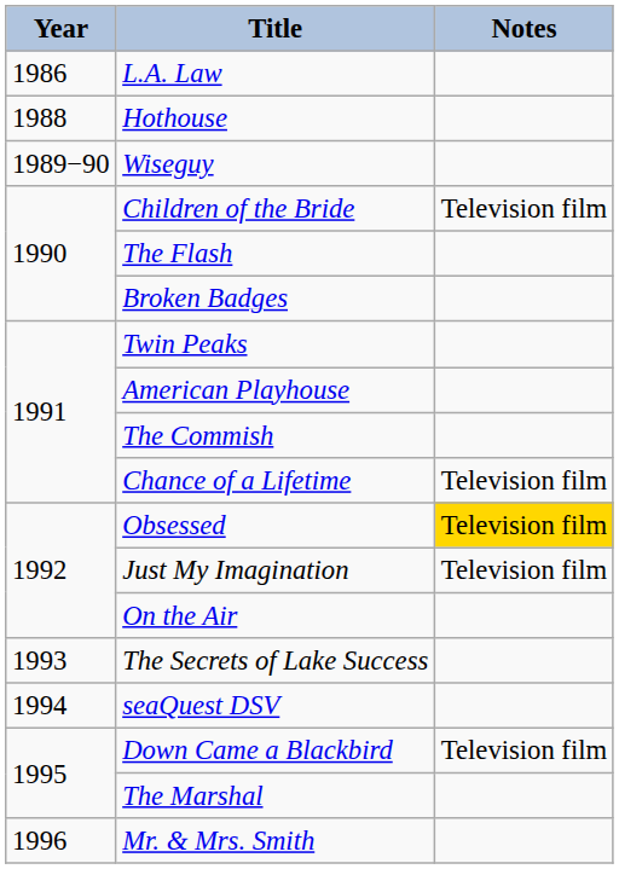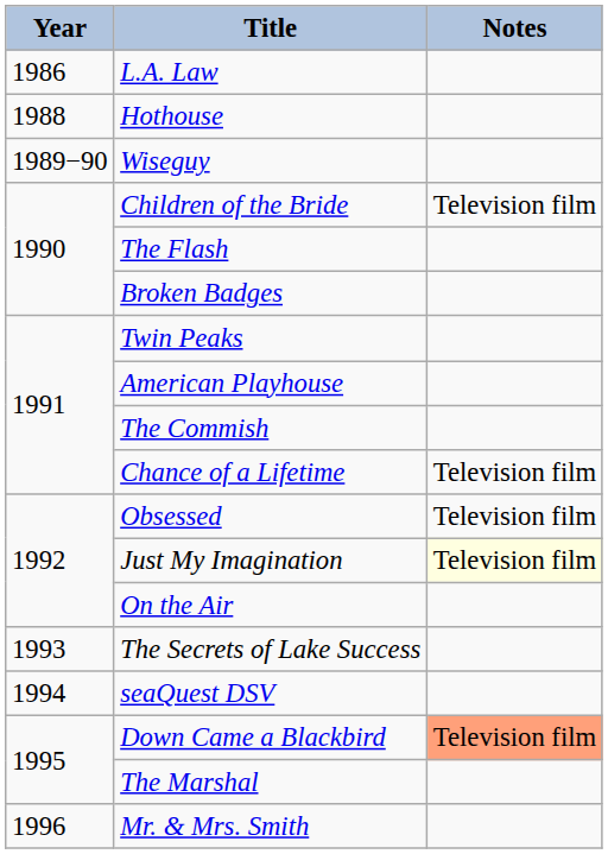 <table class="wikitable" style="font-size:95%;">
 <tr>
 <th style="background:#B0C4DE;">Year</th>
 <th style="background:#B0C4DE;">Title</th>
 <th style="background:#B0C4DE;">Notes</th>
 </tr>
 <tr>
 <td>1986</td>
 <td><em><a href='#'>L.A. Law</a></em></td>
 <td></td>
 </tr>
 <tr>
 <td>1988</td>
 <td><em><a href='#'>Hothouse</a></em></td>
 <td></td>
 </tr>
 <tr>
 <td>1989−90</td>
 <td><em><a href='#'>Wiseguy</a></em></td>
 <td></td>
 </tr>
 <tr>
 <td rowspan=3>1990</td>
 <td><em><a href='#'>Children of the Bride</a></em></td>
 <td>Television film</td>
 </tr>
 <tr>
 <td><em><a href='#'>The Flash</a></em></td>
 <td></td>
 </tr>
 <tr>
 <td><em><a href='#'>Broken Badges</a></em></td>
 <td></td>
 </tr>
 <tr>
 <td rowspan=4>1991</td>
 <td><em><a href='#'>Twin Peaks</a></em></td>
 <td></td>
 </tr>
 <tr>
 <td><em><a href='#'>American Playhouse</a></em></td>
 <td></td>
 </tr>
 <tr>
 <td><em><a href='#'>The Commish</a></em></td>
 <td></td>
 </tr>
 <tr>
 <td><em><a href='#'>Chance of a Lifetime</a></em></td>
 <td>Television film</td>
 </tr>
 <tr>
 <td rowspan=3>1992</td>
 <td><em><a href='#'>Obsessed</a></em></td>
-<td style="background: gold;">Television film</td>
+<td>Television film</td>
 </tr>
 <tr>
 <td><em>Just My Imagination</em></td>
-<td>Television film</td>
+<td style="background: lightyellow;">Television film</td>
 </tr>
 <tr>
 <td><em><a href='#'>On the Air</a></em></td>
 <td></td>
 </tr>
 <tr>
 <td>1993</td>
 <td><em>The Secrets of Lake Success</em></td>
 <td></td>
 </tr>
 <tr>
 <td>1994</td>
 <td><em><a href='#'>seaQuest DSV</a></em></td>
 <td></td>
 </tr>
 <tr>
 <td rowspan=2>1995</td>
 <td><em><a href='#'>Down Came a Blackbird</a></em></td>
-<td>Television film</td>
+<td style="background: lightsalmon;">Television film</td>
 </tr>
 <tr>
 <td><em><a href='#'>The Marshal</a></em></td>
 <td></td>
 </tr>
 <tr>
 <td>1996</td>
 <td><em><a href='#'>Mr. & Mrs. Smith</a></em></td>
 <td></td>
 </tr>
 </table>
